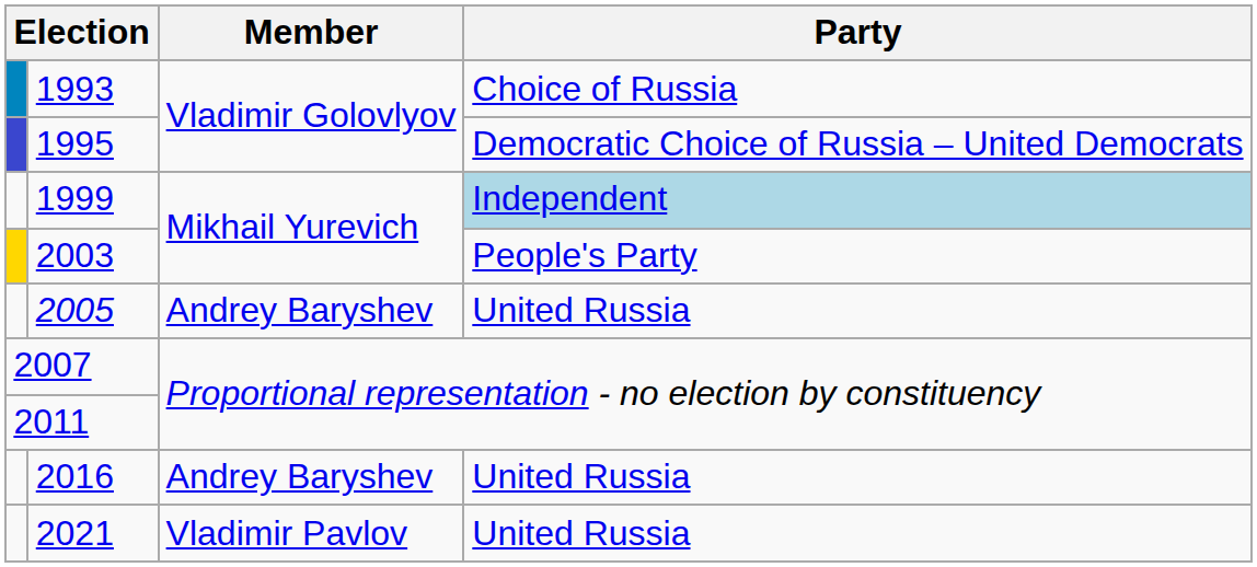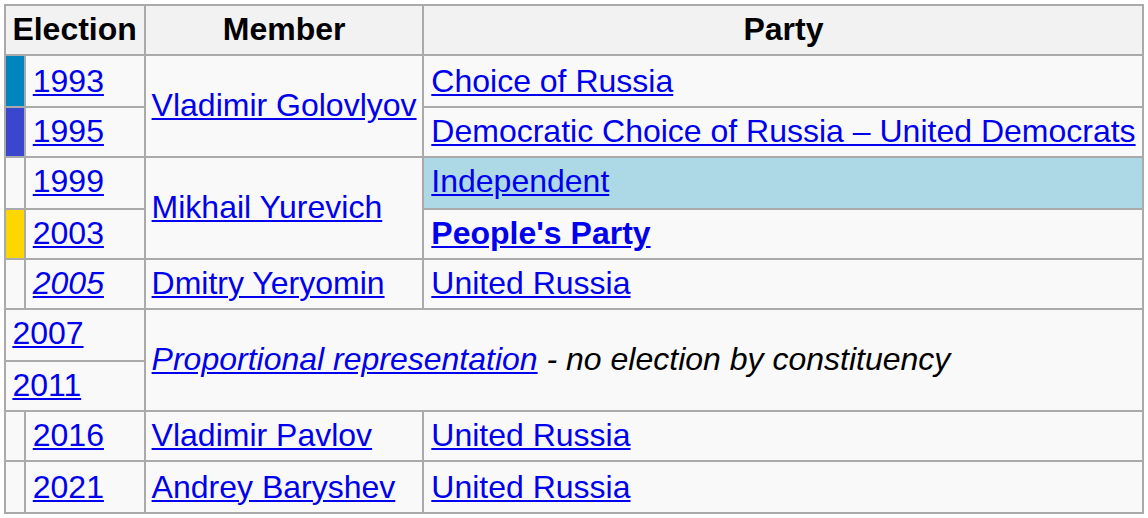 <table class="wikitable">
 <tr>
 <th colspan="2">Election</th>
 <th>Member</th>
 <th>Party</th>
 </tr>
 <tr>
 <td style="background-color:#0085BE"></td>
 <td><a href='#'>1993</a></td>
 <td rowspan=2><a href='#'>Vladimir Golovlyov</a></td>
 <td><a href='#'>Choice of Russia</a></td>
 </tr>
 <tr>
 <td style="background-color:#3A46CE"></td>
 <td><a href='#'>1995</a></td>
 <td><a href='#'>Democratic Choice of Russia – United Democrats</a></td>
 </tr>
 <tr>
 <td style="background-color:"></td>
 <td><a href='#'>1999</a></td>
 <td rowspan=2><a href='#'>Mikhail Yurevich</a></td>
 <td style="background: lightblue;"><a href='#'>Independent</a></td>
 </tr>
 <tr>
 <td style="background-color:#FFD700"></td>
 <td><a href='#'>2003</a></td>
-<td><a href='#'>People's Party</a></td>
+<td><strong><a href='#'>People's Party</a></strong></td>
 </tr>
 <tr>
 <td style="background-color:"></td>
 <td><em><a href='#'>2005</a></em></td>
-<td><a href='#'>Andrey Baryshev</a></td>
+<td><a href='#'>Dmitry Yeryomin</a></td>
 <td><a href='#'>United Russia</a></td>
 </tr>
 <tr>
 <td colspan=2><a href='#'>2007</a></td>
 <td colspan=2 rowspan=2><em><a href='#'>Proportional representation</a> - no election by constituency</em></td>
 </tr>
 <tr>
 <td colspan=2><a href='#'>2011</a></td>
 </tr>
 <tr>
 <td style="background-color: "></td>
 <td><a href='#'>2016</a></td>
-<td><a href='#'>Andrey Baryshev</a></td>
+<td><a href='#'>Vladimir Pavlov</a></td>
 <td><a href='#'>United Russia</a></td>
 </tr>
 <tr>
 <td style="background-color: "></td>
 <td><a href='#'>2021</a></td>
-<td><a href='#'>Vladimir Pavlov</a></td>
+<td><a href='#'>Andrey Baryshev</a></td>
 <td><a href='#'>United Russia</a></td>
 </tr>
 </table>
